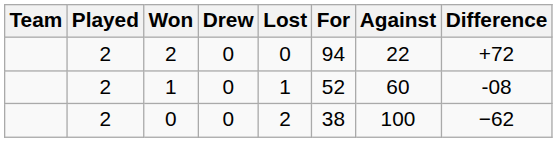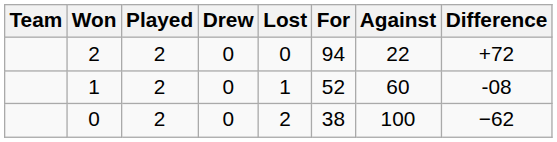 <table class="wikitable" style="text-align:center">
 <tr>
 <th>Team</th>
+<th>Won</th>
 <th>Played</th>
-<th>Won</th>
 <th>Drew</th>
 <th>Lost</th>
 <th>For</th>
 <th>Against</th>
 <th>Difference</th>
 </tr>
 <tr>
 <td align=left></td>
 <td>2</td>
 <td>2</td>
 <td>0</td>
 <td>0</td>
 <td>94</td>
 <td>22</td>
 <td>+72</td>
 </tr>
 <tr>
 <td align=left></td>
+<td>1</td>
 <td>2</td>
-<td>1</td>
 <td>0</td>
 <td>1</td>
 <td>52</td>
 <td>60</td>
 <td>-08</td>
 </tr>
 <tr>
 <td align=left></td>
+<td>0</td>
 <td>2</td>
-<td>0</td>
 <td>0</td>
 <td>2</td>
 <td>38</td>
 <td>100</td>
 <td>−62</td>
 </tr>
 </table>
